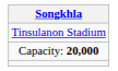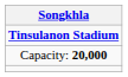 <table class="wikitable" style="text-align:center;margin:1em auto;">
 <tr>
 <th colspan="1"><a href='#'>Songkhla</a></th>
 </tr>
 <tr>
-<td><a href='#'>Tinsulanon Stadium</a></td>
+<td><strong><a href='#'>Tinsulanon Stadium</a></strong></td>
 </tr>
 <tr>
 <td>Capacity: <strong>20,000</strong></td>
 </tr>
 <tr>
 <td></td>
 </tr>
 </table>
